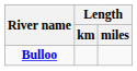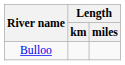 <table class="wikitable sortable" style="text-align:center;">
 <tr>
 <th scope="col" rowspan="2">River name</th>
 <th scope="col" colspan="2">Length</th>
 </tr>
 <tr>
 <th scope="col">km</th>
 <th scope="col">miles</th>
 </tr>
 <tr>
-<td><strong><a href='#'>Bulloo</a></strong></td>
+<td><a href='#'>Bulloo</a></td>
 <td></td>
 </tr>
 </table>
